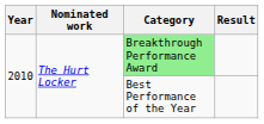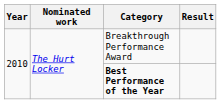 <table class="wikitable sortable" width="50%">
 <tr>
 <th width="1%">Year</th>
 <th width="45%">Nominated work</th>
 <th width="40%">Category</th>
 <th width="14%">Result</th>
 </tr>
 <tr>
 <td rowspan="2">2010</td>
 <td rowspan="2"><em><a href='#'>The Hurt Locker</a></em></td>
-<td style="background: lightgreen;">Breakthrough Performance Award</td>
+<td>Breakthrough Performance Award</td>
 <td></td>
 </tr>
 <tr>
-<td>Best Performance of the Year</td>
+<td><strong>Best Performance of the Year</strong></td>
 <td></td>
 </tr>
 </table>
